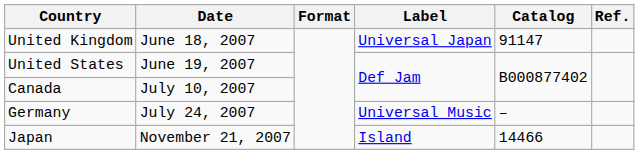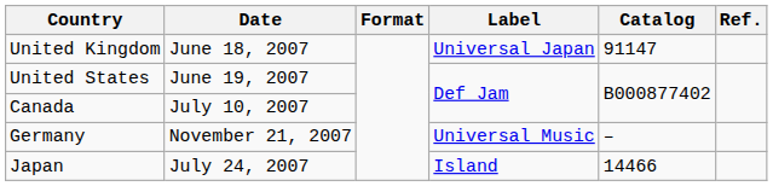 <table class="wikitable">
 <tr>
 <th align="center">Country</th>
 <th align="center">Date</th>
 <th align="center">Format</th>
 <th align="center">Label</th>
 <th align="center">Catalog</th>
 <th align="center">Ref.</th>
 </tr>
 <tr>
 <td align="left">United Kingdom</td>
 <td align="left">June 18, 2007</td>
 <td align="left" rowspan="5"></td>
 <td align="left"><a href='#'>Universal Japan</a></td>
 <td align="left">91147</td>
 <td align="left"></td>
 </tr>
 <tr>
 <td align="left">United States</td>
 <td align="left">June 19, 2007</td>
 <td align="left" rowspan="2"><a href='#'>Def Jam</a></td>
 <td align="left" rowspan="2">B000877402</td>
 <td align="left" rowspan="2"></td>
 </tr>
 <tr>
 <td align="left">Canada</td>
 <td align="left">July 10, 2007</td>
 </tr>
 <tr>
 <td align="left">Germany</td>
-<td align="left">July 24, 2007</td>
+<td align="left">November 21, 2007</td>
 <td align="left"><a href='#'>Universal Music</a></td>
 <td align="left">–</td>
 <td align="left"></td>
 </tr>
 <tr>
 <td align="left">Japan</td>
-<td align="left">November 21, 2007</td>
+<td align="left">July 24, 2007</td>
 <td align="left"><a href='#'>Island</a></td>
 <td align="left">14466</td>
 <td align="left"></td>
 </tr>
 </table>
